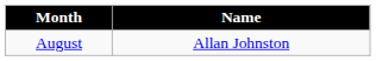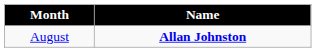 <table class="wikitable" style="text-align:center">
 <tr>
 <th style="background:#000000; color:#FFFFFF;">Month</th>
 <th style="background:#000000; color:#FFFFFF;">Name</th>
 </tr>
 <tr>
 <td style="width:100px;"><a href='#'>August</a></td>
-<td style="width:250px;"> <a href='#'>Allan Johnston</a></td>
+<td style="width:250px;"><strong> <a href='#'>Allan Johnston</a></strong></td>
 </tr>
 </table>
